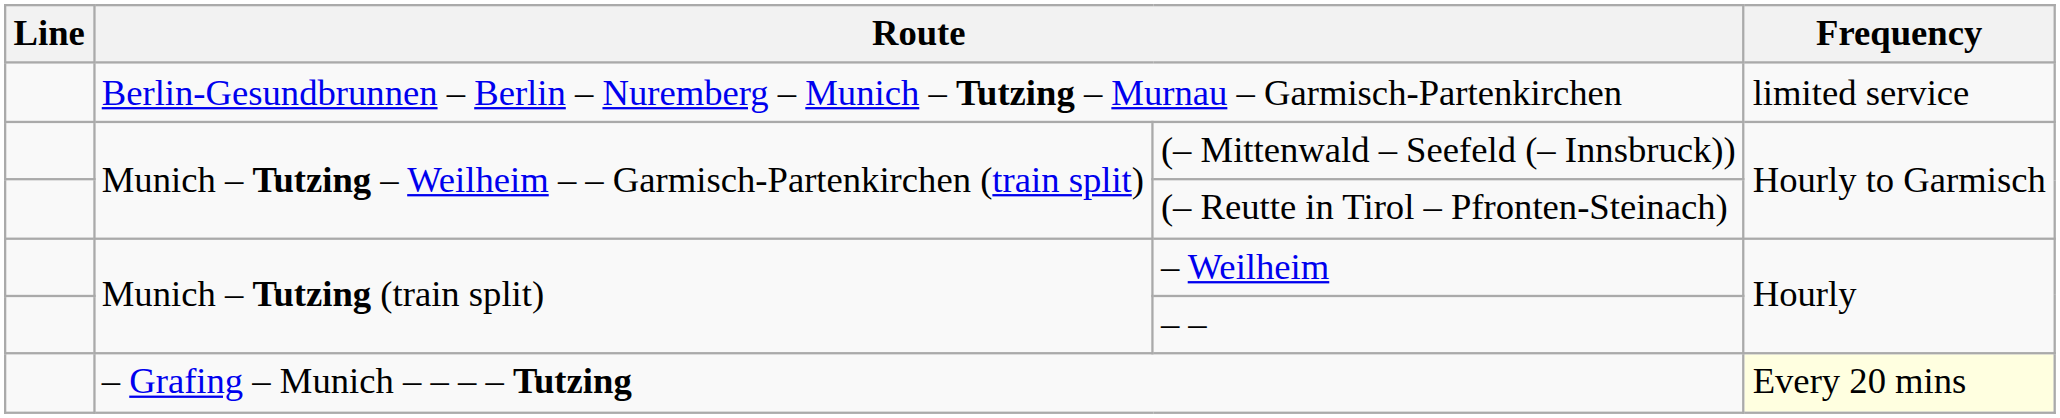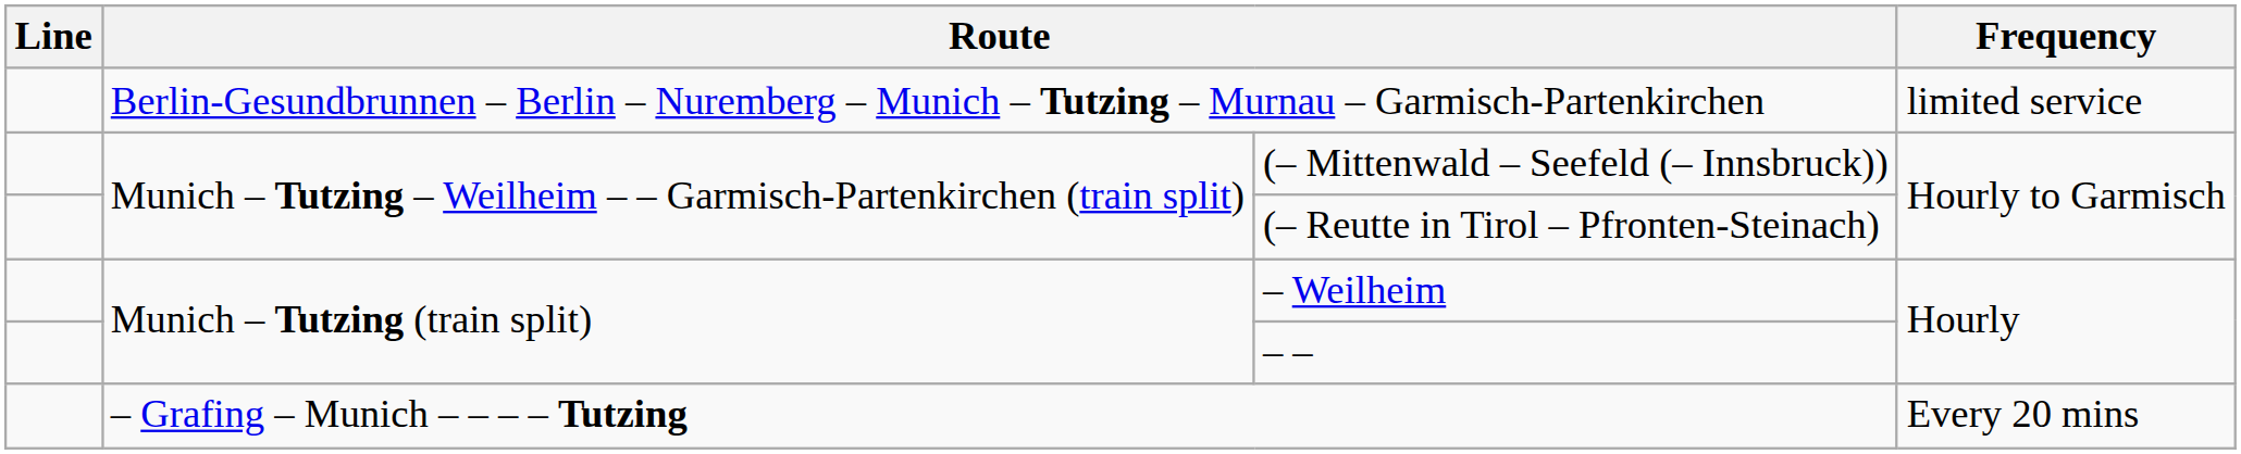 <table class="wikitable">
 <tr>
 <th>Line</th>
 <th colspan=2>Route</th>
 <th>Frequency</th>
 </tr>
 <tr>
 <td align="center"></td>
 <td colspan=2><a href='#'>Berlin-Gesundbrunnen</a> – <a href='#'>Berlin</a> – <a href='#'>Nuremberg</a> – <a href='#'>Munich</a> – <strong>Tutzing</strong> – <a href='#'>Murnau</a> – Garmisch-Partenkirchen</td>
 <td>limited service</td>
 </tr>
 <tr>
 <td align="center"></td>
 <td rowspan=2>Munich – <strong>Tutzing</strong> – <a href='#'>Weilheim</a> –  – Garmisch-Partenkirchen (<a href='#'>train split</a>)</td>
 <td>(– Mittenwald – Seefeld  (– Innsbruck))</td>
 <td rowspan=2>Hourly to Garmisch</td>
 </tr>
 <tr>
 <td align="center"></td>
 <td>(– Reutte in Tirol – Pfronten-Steinach)</td>
 </tr>
 <tr>
 <td align="center"></td>
 <td rowspan=2>Munich – <strong>Tutzing</strong> (train split)</td>
 <td>– <a href='#'>Weilheim</a></td>
 <td rowspan=2>Hourly</td>
 </tr>
 <tr>
 <td align="center"></td>
 <td>–  – </td>
 </tr>
 <tr>
 <td align="center"></td>
 <td colspan=2> – <a href='#'>Grafing</a> – Munich –  –  –  – <strong>Tutzing</strong></td>
-<td style="background: lightyellow;">Every 20 mins</td>
+<td>Every 20 mins</td>
 </tr>
 </table>
